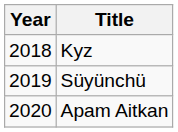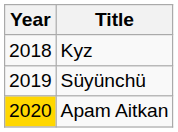 <table class="wikitable">
 <tr>
 <th>Year</th>
 <th>Title</th>
 </tr>
 <tr>
 <td>2018</td>
 <td>Kyz</td>
 </tr>
 <tr>
 <td>2019</td>
 <td>Süyünchü</td>
 </tr>
 <tr>
-<td>2020</td>
+<td style="background: gold;">2020</td>
 <td>Apam Aitkan</td>
 </tr>
 </table>
